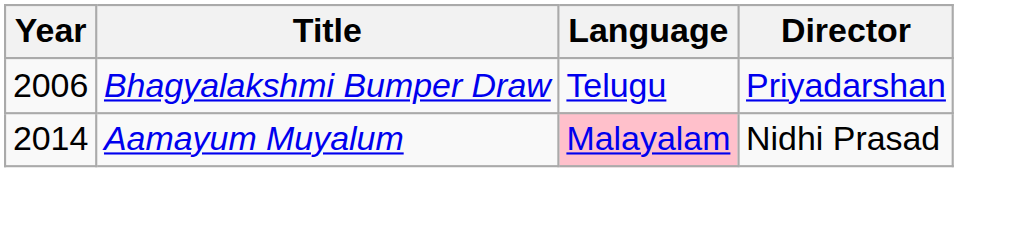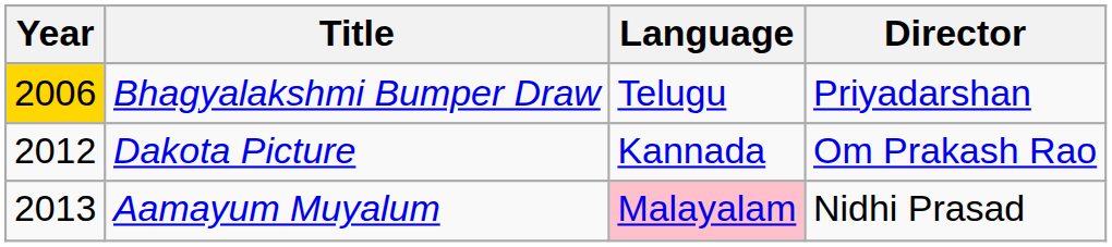 <table class="wikitable">
 <tr>
 <th>Year</th>
 <th>Title</th>
 <th>Language</th>
 <th>Director</th>
 </tr>
 <tr>
-<td>2006</td>
+<td style="background: gold;">2006</td>
 <td><em><a href='#'>Bhagyalakshmi Bumper Draw</a></em></td>
 <td><a href='#'>Telugu</a></td>
 <td><a href='#'>Priyadarshan</a></td>
 </tr>
 <tr>
-<td>2014</td>
+<td>2012</td>
+<td><em><a href='#'>Dakota Picture</a></em></td>
+<td><a href='#'>Kannada</a></td>
+<td><a href='#'>Om Prakash Rao</a></td>
+</tr>
+<tr>
+<td>2013</td>
 <td><em><a href='#'>Aamayum Muyalum</a></em></td>
 <td style="background: pink;"><a href='#'>Malayalam</a></td>
 <td>Nidhi Prasad</td>
 </tr>
 </table>
